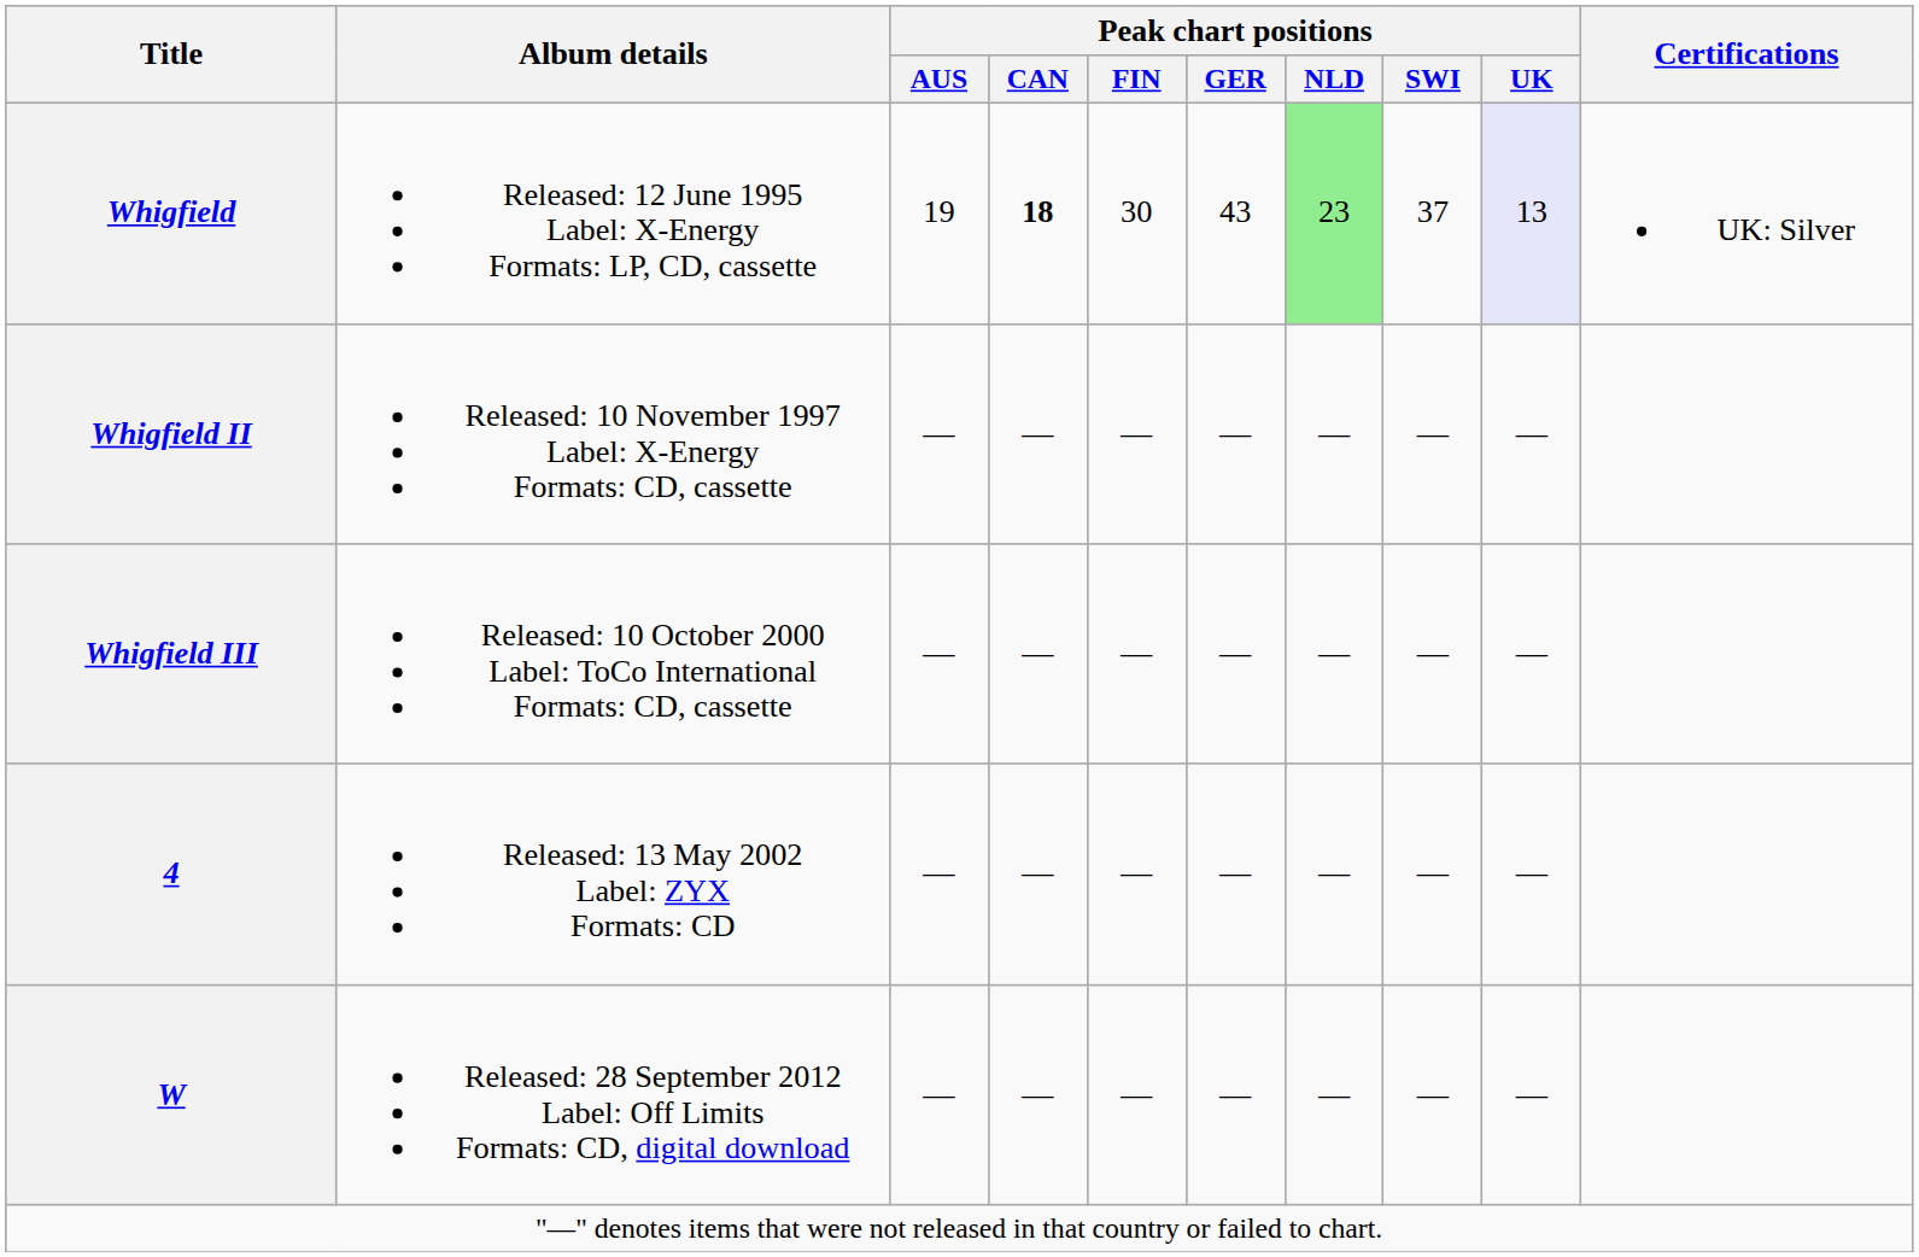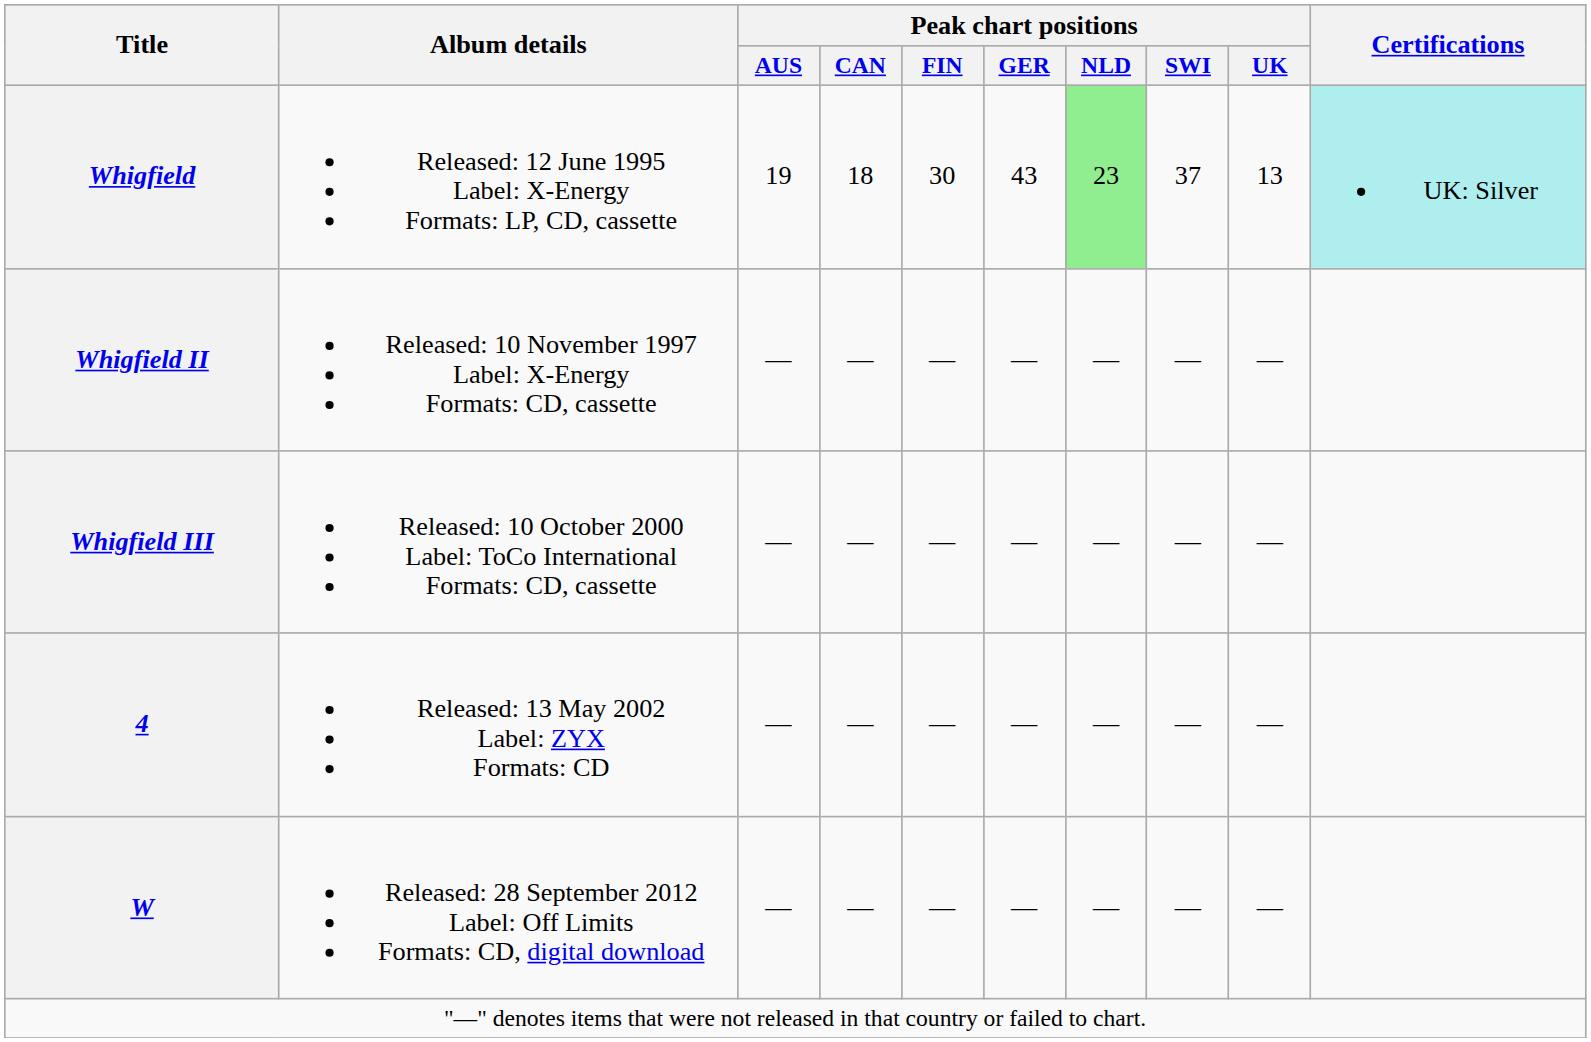 <table class="wikitable plainrowheaders" style="text-align:center;">
 <tr>
 <th scope="col" rowspan=2 style="width:10em;">Title</th>
 <th scope="col" rowspan=2 style="width:17em;">Album details</th>
 <th scope="col" colspan=7>Peak chart positions</th>
 <th scope="col" rowspan=2 style="width:10em;"><a href='#'>Certifications</a></th>
 </tr>
 <tr>
 <th scope="col" style="width:3em;font-size:90%;"><a href='#'>AUS</a><br></th>
 <th scope="col" style="width:3em;font-size:90%;"><a href='#'>CAN</a><br></th>
 <th scope="col" style="width:3em;font-size:90%;"><a href='#'>FIN</a><br></th>
 <th scope="col" style="width:3em;font-size:90%;"><a href='#'>GER</a><br></th>
 <th scope="col" style="width:3em;font-size:90%;"><a href='#'>NLD</a><br></th>
 <th scope="col" style="width:3em;font-size:90%;"><a href='#'>SWI</a><br></th>
 <th scope="col" style="width:3em;font-size:90%;"><a href='#'>UK</a><br></th>
 </tr>
 <tr>
 <th scope="row"><em><a href='#'>Whigfield</a></em></th>
 <td><br><ul><li>Released: 12 June 1995</li><li>Label: X-Energy</li><li>Formats: LP, CD, cassette</li></ul></td>
 <td>19</td>
-<td><strong>18</strong></td>
+<td>18</td>
 <td>30</td>
 <td>43</td>
 <td style="background: lightgreen;">23</td>
 <td>37</td>
-<td style="background: lavender;">13</td>
-<td><br><ul><li>UK: Silver</li></ul></td>
+<td>13</td>
+<td style="background: paleturquoise;"><br><ul><li>UK: Silver</li></ul></td>
 </tr>
 <tr>
 <th scope="row"><em><a href='#'>Whigfield II</a></em></th>
 <td><br><ul><li>Released: 10 November 1997</li><li>Label: X-Energy</li><li>Formats: CD, cassette</li></ul></td>
 <td>—</td>
 <td>—</td>
 <td>—</td>
 <td>—</td>
 <td>—</td>
 <td>—</td>
 <td>—</td>
 <td></td>
 </tr>
 <tr>
 <th scope="row"><em><a href='#'>Whigfield III</a></em></th>
 <td><br><ul><li>Released: 10 October 2000</li><li>Label: ToCo International</li><li>Formats: CD, cassette</li></ul></td>
 <td>—</td>
 <td>—</td>
 <td>—</td>
 <td>—</td>
 <td>—</td>
 <td>—</td>
 <td>—</td>
 <td></td>
 </tr>
 <tr>
 <th scope="row"><em><a href='#'>4</a></em> </th>
 <td><br><ul><li>Released: 13 May 2002</li><li>Label: <a href='#'>ZYX</a></li><li>Formats: CD</li></ul></td>
 <td>—</td>
 <td>—</td>
 <td>—</td>
 <td>—</td>
 <td>—</td>
 <td>—</td>
 <td>—</td>
 <td></td>
 </tr>
 <tr>
 <th scope="row"><em><a href='#'>W</a></em> </th>
 <td><br><ul><li>Released: 28 September 2012</li><li>Label: Off Limits</li><li>Formats: CD, <a href='#'>digital download</a></li></ul></td>
 <td>—</td>
 <td>—</td>
 <td>—</td>
 <td>—</td>
 <td>—</td>
 <td>—</td>
 <td>—</td>
 <td></td>
 </tr>
 <tr>
 <td colspan=12 style="font-size: 90%;">"—" denotes items that were not released in that country or failed to chart.</td>
 </tr>
 </table>
